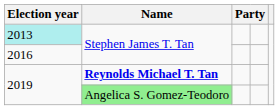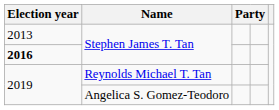 <table class="wikitable">
 <tr>
 <th>Election year</th>
 <th>Name</th>
 <th colspan="2">Party</th>
 <th></th>
 </tr>
 <tr>
-<td style="background: paleturquoise;">2013</td>
+<td>2013</td>
 <td rowspan="2"><a href='#'>Stephen James T. Tan</a></td>
 <td></td>
 <td></td>
 </tr>
 <tr>
-<td>2016</td>
+<td><strong>2016</strong></td>
 <td></td>
 <td></td>
 </tr>
 <tr>
 <td rowspan="2">2019</td>
-<td><strong><a href='#'>Reynolds Michael T. Tan</a></strong></td>
+<td><a href='#'>Reynolds Michael T. Tan</a></td>
 <td></td>
 <td></td>
 </tr>
 <tr>
-<td style="background: lightgreen;">Angelica S. Gomez-Teodoro</td>
+<td>Angelica S. Gomez-Teodoro</td>
 <td></td>
 <td></td>
 </tr>
 </table>
